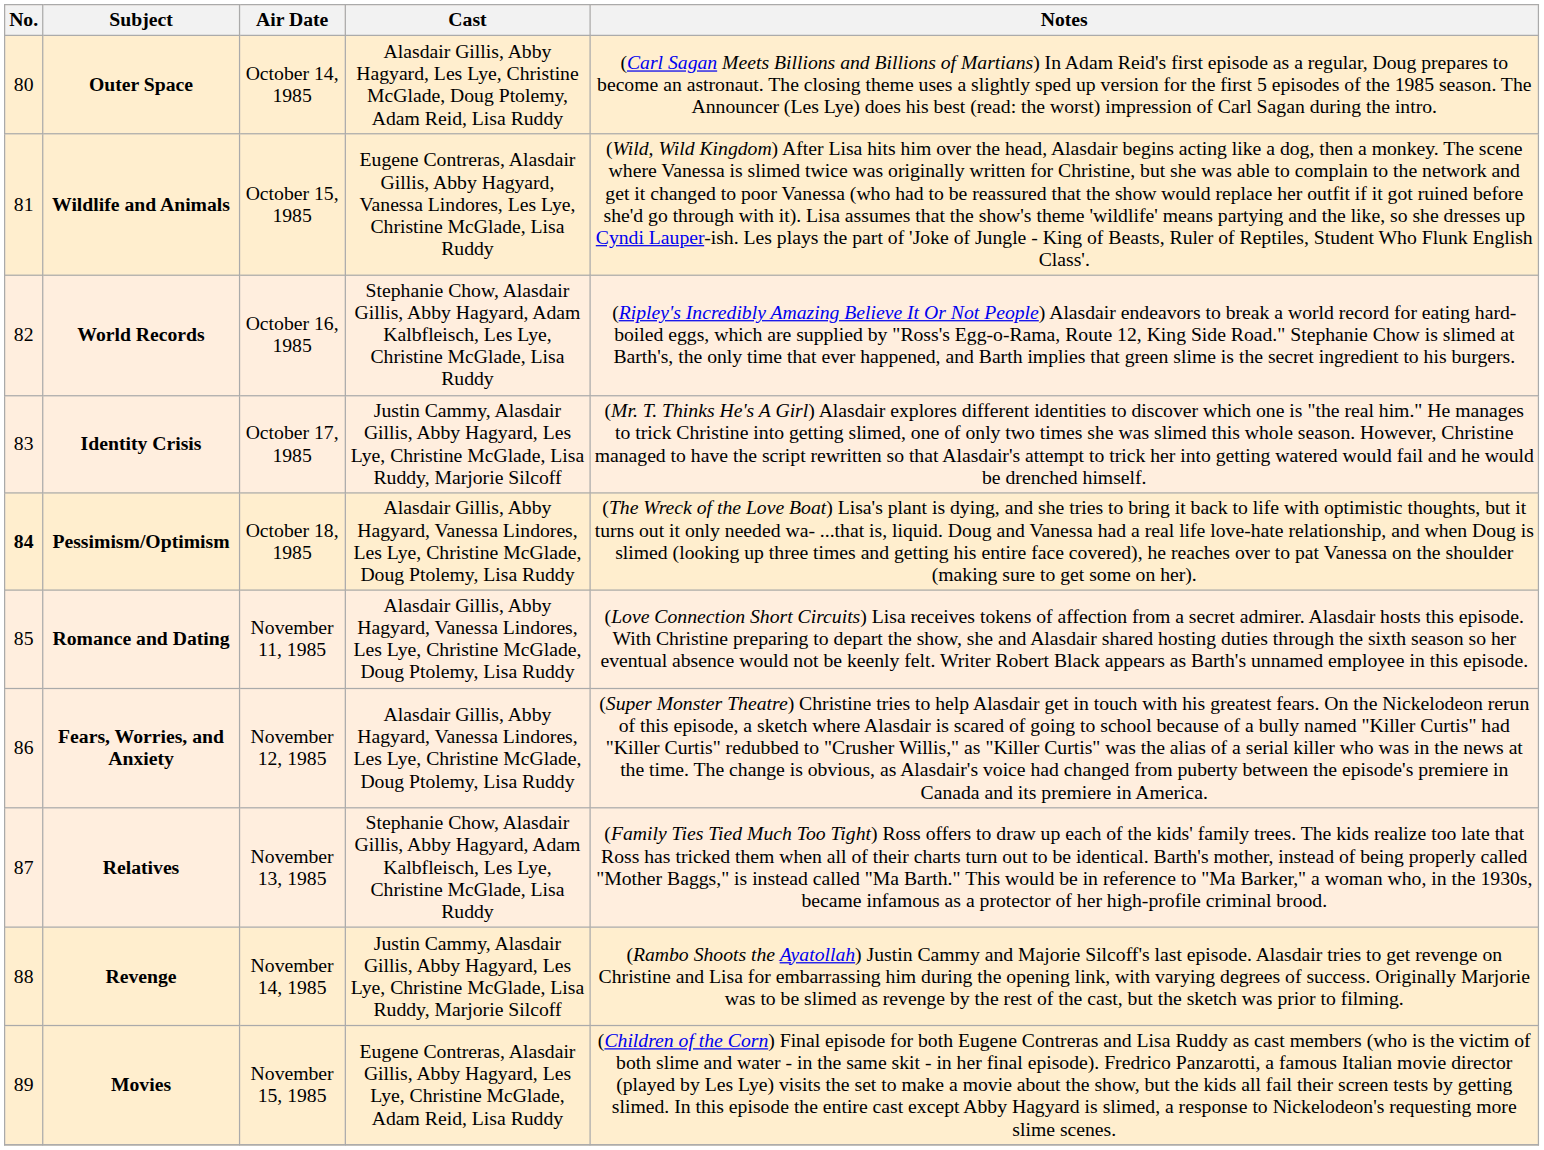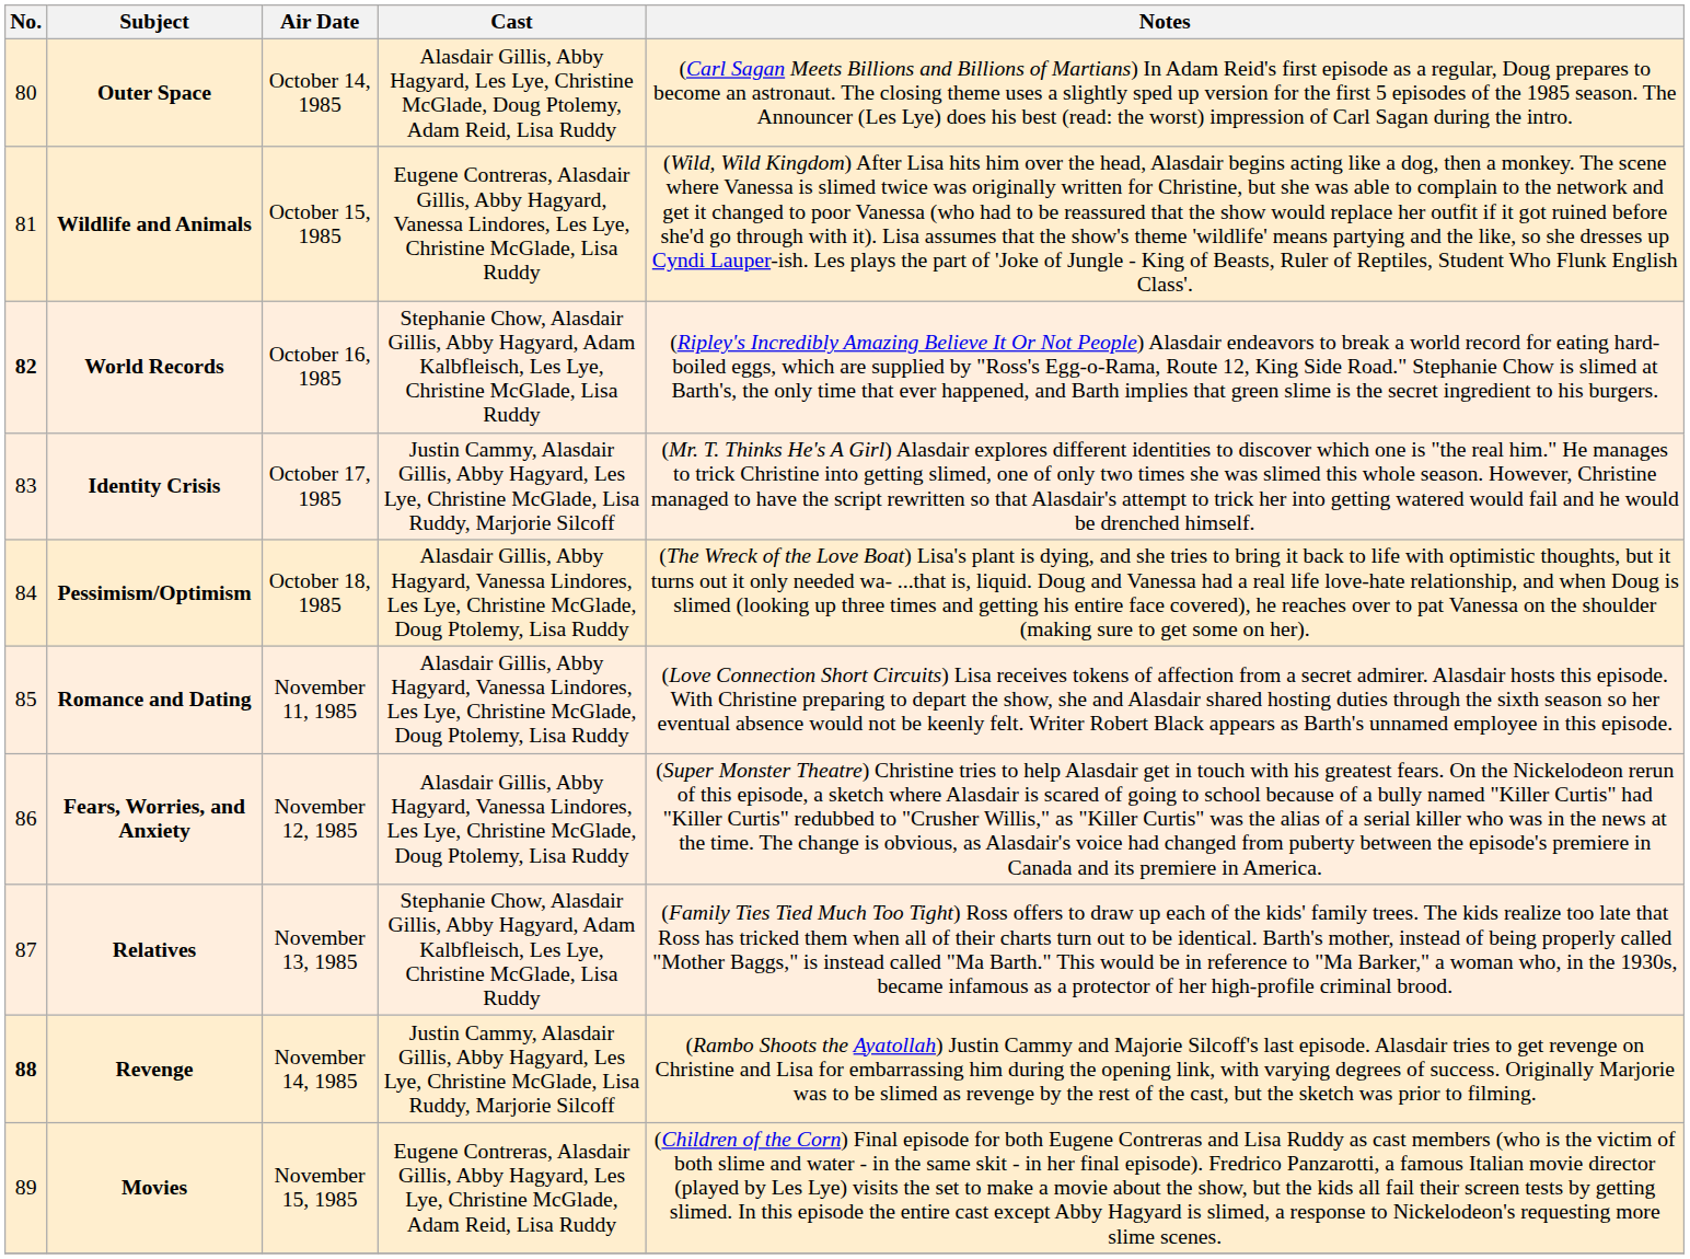 <table class="wikitable" style="text-align:center; background:#FFEEDE">
 <tr>
 <th>No.</th>
 <th>Subject</th>
 <th>Air Date</th>
 <th>Cast</th>
 <th>Notes</th>
 </tr>
 <tr bgcolor="FFEECE">
 <td>80</td>
 <td><strong>Outer Space</strong></td>
 <td>October 14, 1985</td>
 <td>Alasdair Gillis, Abby Hagyard, Les Lye, Christine McGlade, Doug Ptolemy, Adam Reid, Lisa Ruddy</td>
 <td>(<em><a href='#'>Carl Sagan</a> Meets Billions and Billions of Martians</em>) In Adam Reid's first episode as a regular, Doug prepares to become an astronaut. The closing theme uses a slightly sped up version for the first 5 episodes of the 1985 season. The Announcer (Les Lye) does his best (read: the worst) impression of Carl Sagan during the intro.</td>
 </tr>
 <tr bgcolor="FFEECE">
 <td>81</td>
 <td><strong>Wildlife and Animals</strong></td>
 <td>October 15, 1985</td>
 <td>Eugene Contreras, Alasdair Gillis, Abby Hagyard, Vanessa Lindores, Les Lye, Christine McGlade, Lisa Ruddy</td>
 <td>(<em>Wild, Wild Kingdom</em>) After Lisa hits him over the head, Alasdair begins acting like a dog, then a monkey. The scene where Vanessa is slimed twice was originally written for Christine, but she was able to complain to the network and get it changed to poor Vanessa (who had to be reassured that the show would replace her outfit if it got ruined before she'd go through with it). Lisa assumes that the show's theme 'wildlife' means partying and the like, so she dresses up <a href='#'>Cyndi Lauper</a>-ish. Les plays the part of 'Joke of Jungle - King of Beasts, Ruler of Reptiles, Student Who Flunk English Class'.</td>
 </tr>
 <tr>
-<td>82</td>
+<td><strong>82</strong></td>
 <td><strong>World Records</strong></td>
 <td>October 16, 1985</td>
 <td>Stephanie Chow, Alasdair Gillis, Abby Hagyard, Adam Kalbfleisch, Les Lye, Christine McGlade, Lisa Ruddy</td>
 <td>(<em><a href='#'>Ripley's Incredibly Amazing Believe It Or Not People</a></em>) Alasdair endeavors to break a world record for eating hard-boiled eggs, which are supplied by "Ross's Egg-o-Rama, Route 12, King Side Road." Stephanie Chow is slimed at Barth's, the only time that ever happened, and Barth implies that green slime is the secret ingredient to his burgers.</td>
 </tr>
 <tr>
 <td>83</td>
 <td><strong>Identity Crisis</strong></td>
 <td>October 17, 1985</td>
 <td>Justin Cammy, Alasdair Gillis, Abby Hagyard, Les Lye, Christine McGlade, Lisa Ruddy, Marjorie Silcoff</td>
 <td>(<em>Mr. T. Thinks He's A Girl</em>) Alasdair explores different identities to discover which one is "the real him." He manages to trick Christine into getting slimed, one of only two times she was slimed this whole season. However, Christine managed to have the script rewritten so that Alasdair's attempt to trick her into getting watered would fail and he would be drenched himself.</td>
 </tr>
 <tr bgcolor="FFEECE">
-<td><strong>84</strong></td>
+<td>84</td>
 <td><strong>Pessimism/Optimism</strong></td>
 <td>October 18, 1985</td>
 <td>Alasdair Gillis, Abby Hagyard, Vanessa Lindores, Les Lye, Christine McGlade, Doug Ptolemy, Lisa Ruddy</td>
 <td>(<em>The Wreck of the Love Boat</em>) Lisa's plant is dying, and she tries to bring it back to life with optimistic thoughts, but it turns out it only needed wa- ...that is, liquid. Doug and Vanessa had a real life love-hate relationship, and when Doug is slimed (looking up three times and getting his entire face covered), he reaches over to pat Vanessa on the shoulder (making sure to get some on her).</td>
 </tr>
 <tr>
 <td>85</td>
 <td><strong>Romance and Dating</strong></td>
 <td>November 11, 1985</td>
 <td>Alasdair Gillis, Abby Hagyard, Vanessa Lindores, Les Lye, Christine McGlade, Doug Ptolemy, Lisa Ruddy</td>
 <td>(<em>Love Connection Short Circuits</em>) Lisa receives tokens of affection from a secret admirer.  Alasdair hosts this episode. With Christine preparing to depart the show, she and Alasdair shared hosting duties through the sixth season so her eventual absence would not be keenly felt. Writer Robert Black appears as Barth's unnamed employee in this episode.</td>
 </tr>
 <tr>
 <td>86</td>
 <td><strong>Fears, Worries, and Anxiety</strong></td>
 <td>November 12, 1985</td>
 <td>Alasdair Gillis, Abby Hagyard, Vanessa Lindores, Les Lye, Christine McGlade, Doug Ptolemy, Lisa Ruddy</td>
 <td>(<em>Super Monster Theatre</em>) Christine tries to help Alasdair get in touch with his greatest fears.  On the Nickelodeon rerun of this episode, a sketch where Alasdair is scared of going to school because of a bully named "Killer Curtis" had "Killer Curtis" redubbed to "Crusher Willis," as "Killer Curtis" was the alias of a serial killer who was in the news at the time. The change is obvious, as Alasdair's voice had changed from puberty between the episode's premiere in Canada and its premiere in America.</td>
 </tr>
 <tr>
 <td>87</td>
 <td><strong>Relatives</strong></td>
 <td>November 13, 1985</td>
 <td>Stephanie Chow, Alasdair Gillis, Abby Hagyard, Adam Kalbfleisch, Les Lye, Christine McGlade, Lisa Ruddy</td>
 <td>(<em>Family Ties Tied Much Too Tight</em>) Ross offers to draw up each of the kids' family trees.  The kids realize too late that Ross has tricked them when all of their charts turn out to be identical.  Barth's mother, instead of being properly called "Mother Baggs," is instead called "Ma Barth." This would be in reference to "Ma Barker," a woman who, in the 1930s, became infamous as a protector of her high-profile criminal brood.</td>
 </tr>
 <tr bgcolor="FFEECE">
-<td>88</td>
+<td><strong>88</strong></td>
 <td><strong>Revenge</strong></td>
 <td>November 14, 1985</td>
 <td>Justin Cammy, Alasdair Gillis, Abby Hagyard, Les Lye, Christine McGlade, Lisa Ruddy, Marjorie Silcoff</td>
 <td>(<em>Rambo Shoots the <a href='#'>Ayatollah</a></em>) Justin Cammy and Majorie Silcoff's last episode.  Alasdair tries to get revenge on Christine and Lisa for embarrassing him during the opening link, with varying degrees of success. Originally Marjorie was to be slimed as revenge by the rest of the cast, but the sketch was prior to filming.</td>
 </tr>
 <tr bgcolor="FFEECE">
 <td>89</td>
 <td><strong>Movies</strong></td>
 <td>November 15, 1985</td>
 <td>Eugene Contreras, Alasdair Gillis, Abby Hagyard, Les Lye, Christine McGlade, Adam Reid, Lisa Ruddy</td>
 <td>(<em><a href='#'>Children of the Corn</a></em>) Final episode for both Eugene Contreras and Lisa Ruddy as cast members (who is the victim of both slime and water - in the same skit - in her final episode).  Fredrico Panzarotti, a famous Italian movie director (played by Les Lye) visits the set to make a movie about the show, but the kids all fail their screen tests by getting slimed.  In this episode the entire cast except Abby Hagyard is slimed, a response to Nickelodeon's requesting more slime scenes.</td>
 </tr>
 <tr bgcolor="FFEECE">
 </tr>
 </table>
